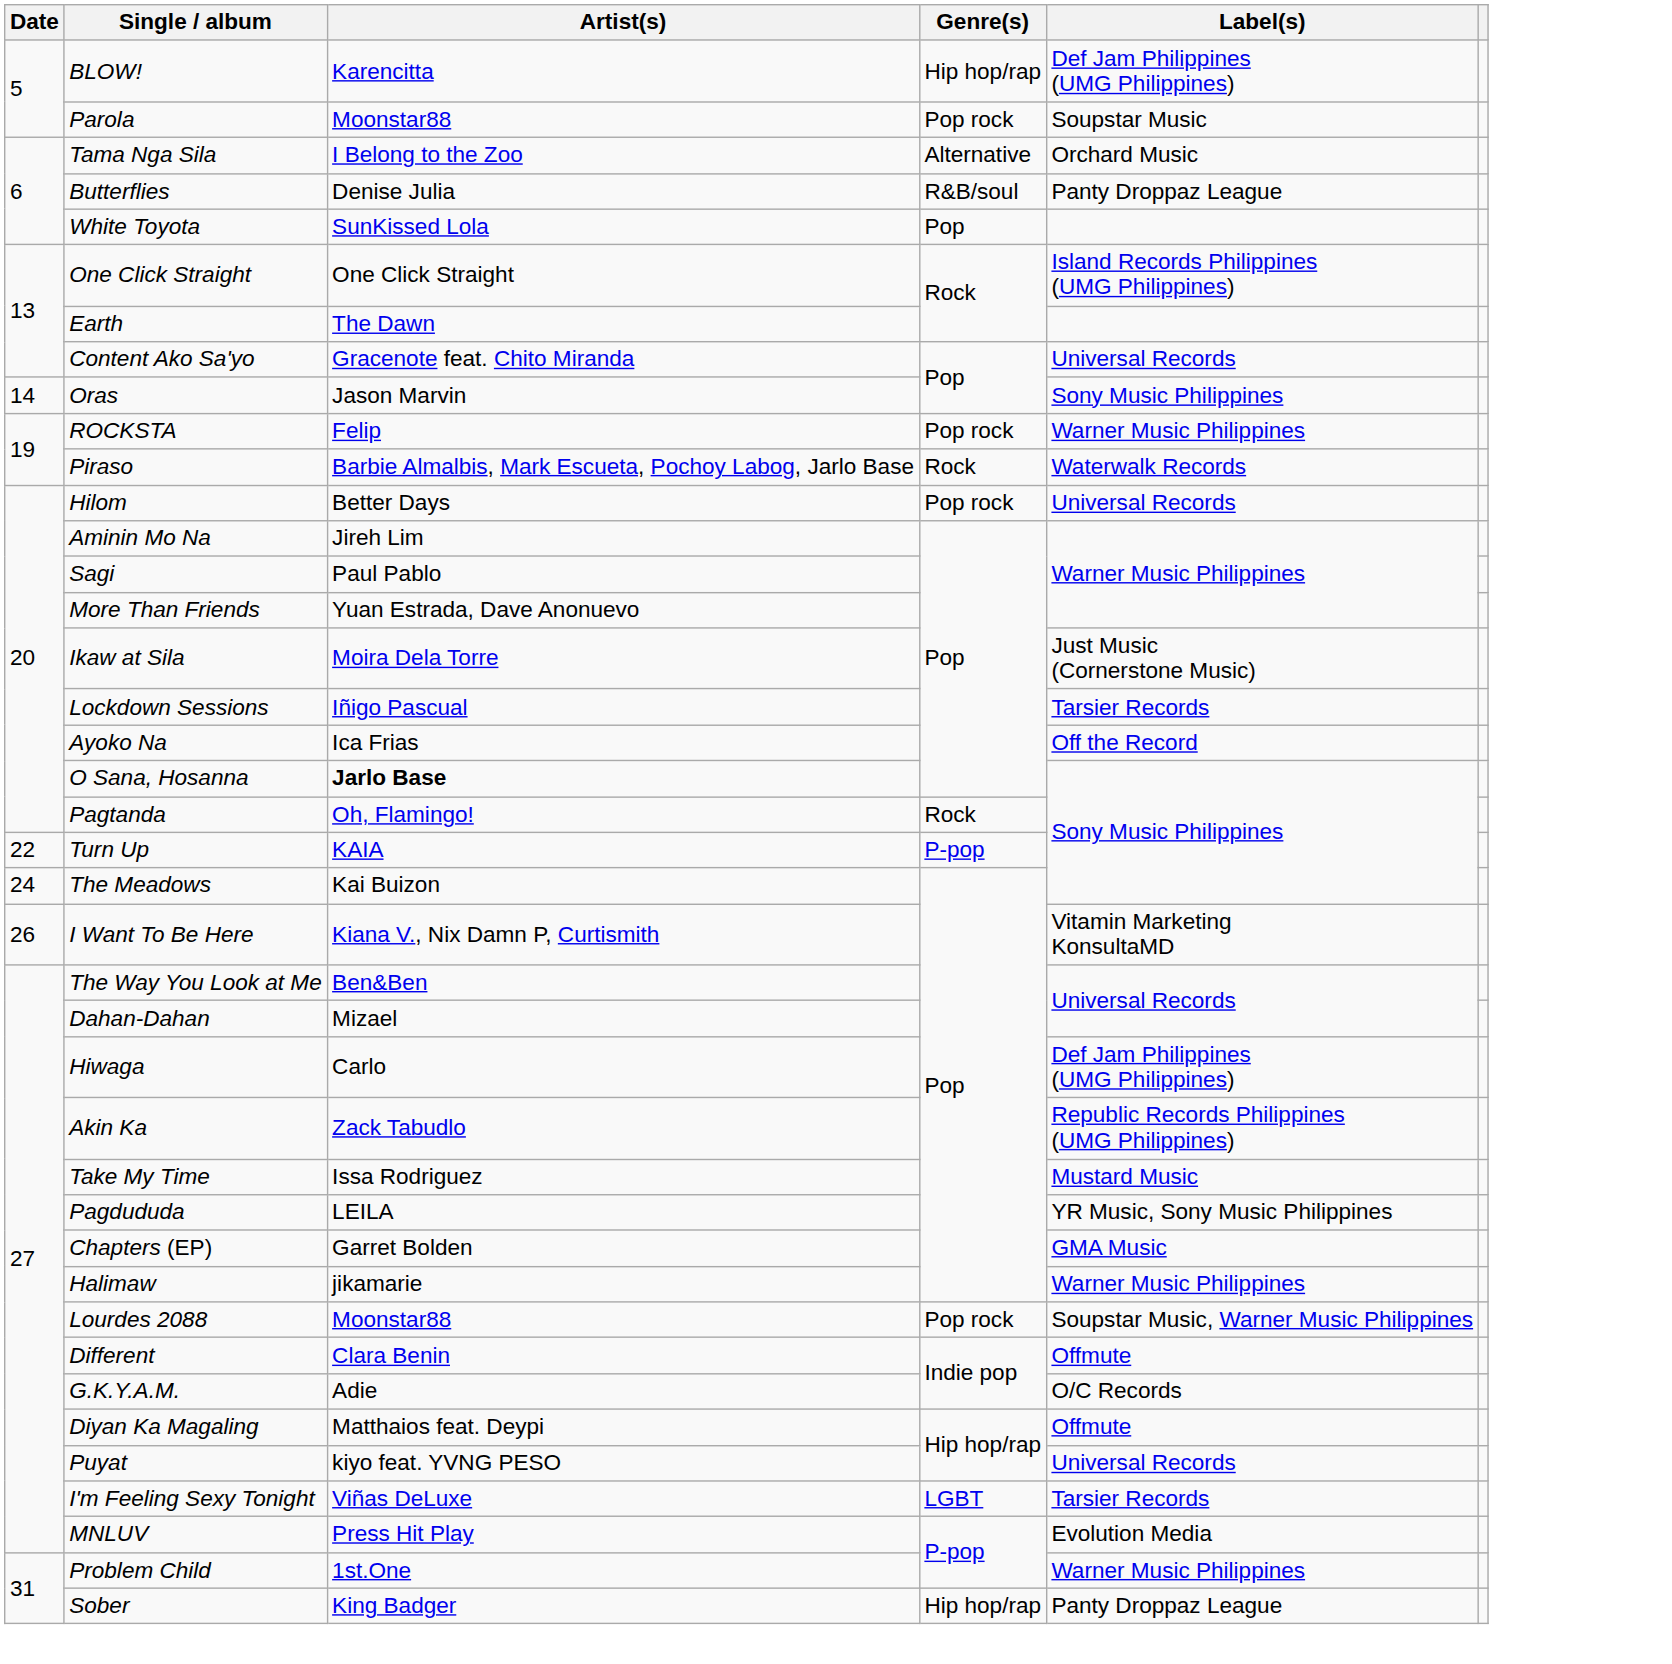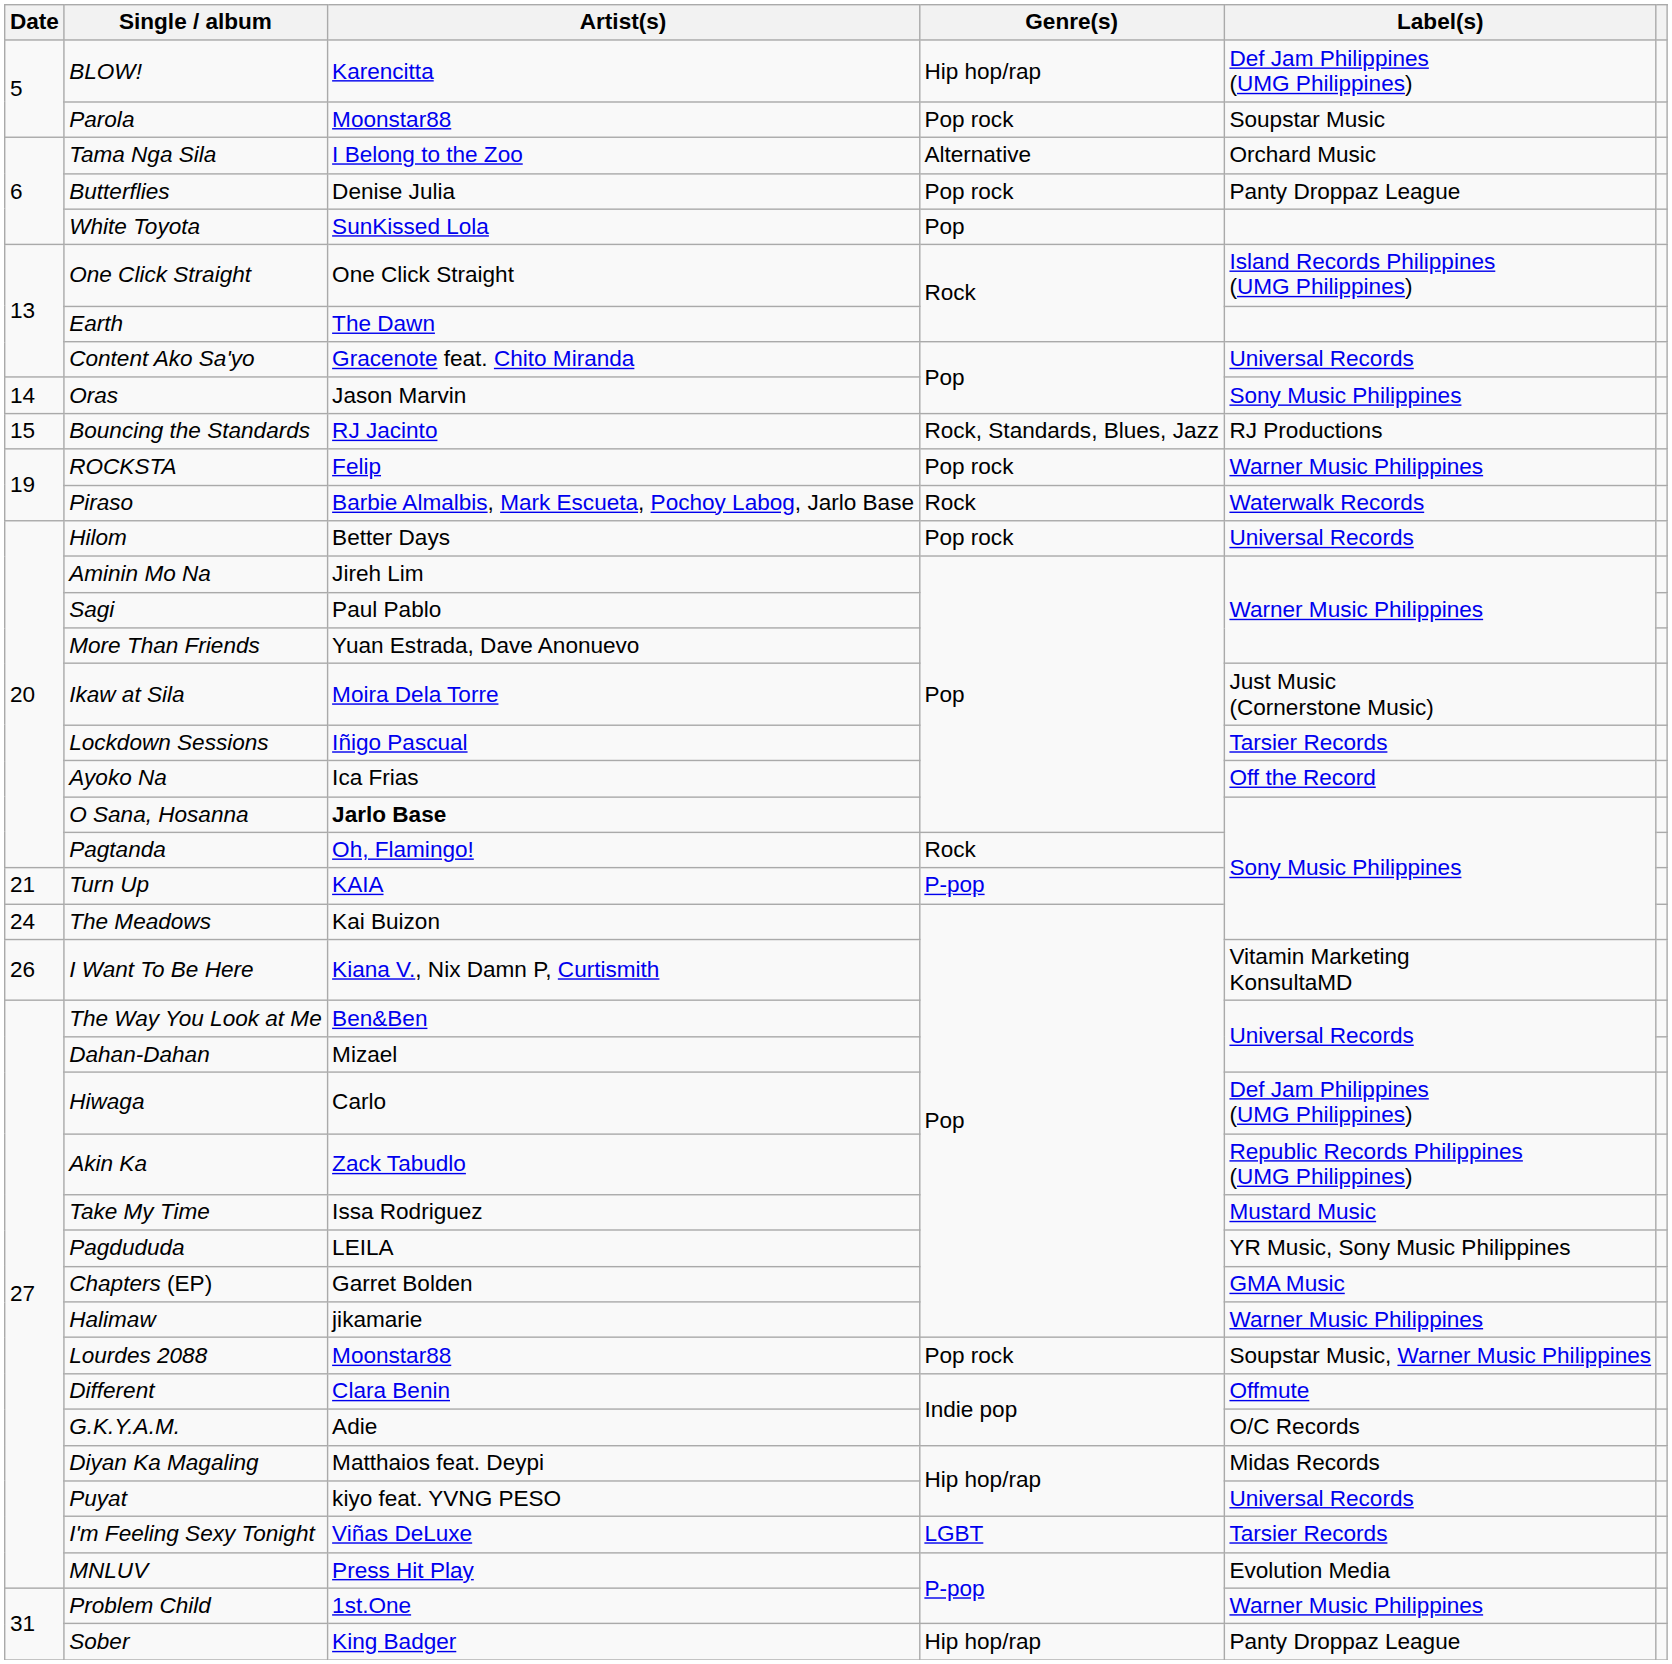 <table class="wikitable">
 <tr>
 <th>Date</th>
 <th>Single / album</th>
 <th>Artist(s)</th>
 <th>Genre(s)</th>
 <th>Label(s)</th>
 <th></th>
 </tr>
 <tr>
 <td rowspan="2">5</td>
 <td><em>BLOW!</em></td>
 <td><a href='#'>Karencitta</a></td>
 <td>Hip hop/rap</td>
 <td><a href='#'>Def Jam Philippines</a><br>(<a href='#'>UMG Philippines</a>)</td>
 <td></td>
 </tr>
 <tr>
 <td><em>Parola</em></td>
 <td><a href='#'>Moonstar88</a></td>
 <td>Pop rock</td>
 <td>Soupstar Music</td>
 <td></td>
 </tr>
 <tr>
 <td rowspan="3">6</td>
 <td><em>Tama Nga Sila</em></td>
 <td><a href='#'>I Belong to the Zoo</a></td>
 <td>Alternative</td>
 <td>Orchard Music</td>
 <td></td>
 </tr>
 <tr>
 <td><em>Butterflies</em></td>
 <td>Denise Julia</td>
-<td>R&B/soul</td>
+<td>Pop rock</td>
 <td>Panty Droppaz League</td>
 <td></td>
 </tr>
 <tr>
 <td><em>White Toyota</em></td>
 <td><a href='#'>SunKissed Lola</a></td>
 <td>Pop</td>
 <td></td>
 </tr>
 <tr>
 <td rowspan="3">13</td>
 <td><em>One Click Straight</em></td>
 <td>One Click Straight</td>
 <td rowspan="2">Rock</td>
 <td><a href='#'>Island Records Philippines</a><br>(<a href='#'>UMG Philippines</a>)</td>
 <td></td>
 </tr>
 <tr>
 <td><em>Earth</em></td>
 <td><a href='#'>The Dawn</a></td>
 <td></td>
 <td></td>
 </tr>
 <tr>
 <td><em>Content Ako Sa'yo</em></td>
 <td><a href='#'>Gracenote</a> feat. <a href='#'>Chito Miranda</a></td>
 <td rowspan="2">Pop</td>
 <td><a href='#'>Universal Records</a></td>
 <td></td>
 </tr>
 <tr>
 <td>14</td>
 <td><em>Oras</em></td>
 <td>Jason Marvin</td>
 <td><a href='#'>Sony Music Philippines</a></td>
+<td></td>
+</tr>
+<tr>
+<td>15</td>
+<td><em>Bouncing the Standards</em></td>
+<td><a href='#'>RJ Jacinto</a></td>
+<td>Rock, Standards, Blues, Jazz</td>
+<td>RJ Productions</td>
 <td></td>
 </tr>
 <tr>
 <td rowspan="2">19</td>
 <td><em>ROCKSTA</em></td>
 <td><a href='#'>Felip</a></td>
 <td>Pop rock</td>
 <td><a href='#'>Warner Music Philippines</a></td>
 <td></td>
 </tr>
 <tr>
 <td><em>Piraso</em></td>
 <td><a href='#'>Barbie Almalbis</a>, <a href='#'>Mark Escueta</a>, <a href='#'>Pochoy Labog</a>, Jarlo Base</td>
 <td>Rock</td>
 <td><a href='#'>Waterwalk Records</a></td>
 <td></td>
 </tr>
 <tr>
 <td rowspan="9">20</td>
 <td><em>Hilom</em></td>
 <td>Better Days</td>
 <td>Pop rock</td>
 <td><a href='#'>Universal Records</a></td>
 <td></td>
 </tr>
 <tr>
 <td><em>Aminin Mo Na</em></td>
 <td>Jireh Lim</td>
 <td rowspan="7">Pop</td>
 <td rowspan="3"><a href='#'>Warner Music Philippines</a></td>
 <td></td>
 </tr>
 <tr>
 <td><em>Sagi</em></td>
 <td>Paul Pablo</td>
 <td></td>
 </tr>
 <tr>
 <td><em>More Than Friends</em></td>
 <td>Yuan Estrada, Dave Anonuevo</td>
 <td></td>
 </tr>
 <tr>
 <td><em>Ikaw at Sila</em></td>
 <td><a href='#'>Moira Dela Torre</a></td>
 <td>Just Music<br>(Cornerstone Music)</td>
 <td></td>
 </tr>
 <tr>
 <td><em>Lockdown Sessions</em></td>
 <td><a href='#'>Iñigo Pascual</a></td>
 <td><a href='#'>Tarsier Records</a></td>
 <td></td>
 </tr>
 <tr>
 <td><em>Ayoko Na</em></td>
 <td>Ica Frias</td>
 <td><a href='#'>Off the Record</a></td>
 <td></td>
 </tr>
 <tr>
 <td><em>O Sana, Hosanna</em></td>
 <td><strong>Jarlo Base</strong></td>
 <td rowspan="4"><a href='#'>Sony Music Philippines</a></td>
 <td></td>
 </tr>
 <tr>
 <td><em>Pagtanda</em></td>
 <td><a href='#'>Oh, Flamingo!</a></td>
 <td>Rock</td>
 <td></td>
 </tr>
 <tr>
-<td>22</td>
+<td>21</td>
 <td><em>Turn Up</em></td>
 <td><a href='#'>KAIA</a></td>
 <td><a href='#'>P-pop</a></td>
 <td></td>
 </tr>
 <tr>
 <td>24</td>
 <td><em>The Meadows</em></td>
 <td>Kai Buizon</td>
 <td rowspan="10">Pop</td>
 <td></td>
 </tr>
 <tr>
 <td>26</td>
 <td><em>I Want To Be Here</em></td>
 <td><a href='#'>Kiana V.</a>, Nix Damn P, <a href='#'>Curtismith</a></td>
 <td>Vitamin Marketing<br>KonsultaMD</td>
 <td></td>
 </tr>
 <tr>
 <td rowspan="15">27</td>
 <td><em>The Way You Look at Me</em></td>
 <td><a href='#'>Ben&Ben</a></td>
 <td rowspan="2"><a href='#'>Universal Records</a></td>
 <td></td>
 </tr>
 <tr>
 <td><em>Dahan-Dahan</em></td>
 <td>Mizael</td>
 <td></td>
 </tr>
 <tr>
 <td><em>Hiwaga</em></td>
 <td>Carlo</td>
 <td><a href='#'>Def Jam Philippines</a><br>(<a href='#'>UMG Philippines</a>)</td>
 <td></td>
 </tr>
 <tr>
 <td><em>Akin Ka</em></td>
 <td><a href='#'>Zack Tabudlo</a></td>
 <td><a href='#'>Republic Records Philippines</a><br>(<a href='#'>UMG Philippines</a>)</td>
 <td></td>
 </tr>
 <tr>
 <td><em>Take My Time</em></td>
 <td>Issa Rodriguez</td>
 <td><a href='#'>Mustard Music</a></td>
 <td></td>
 </tr>
 <tr>
 <td><em>Pagdududa</em></td>
 <td>LEILA</td>
 <td>YR Music, Sony Music Philippines</td>
 <td></td>
 </tr>
 <tr>
 <td><em>Chapters</em> (EP)</td>
 <td>Garret Bolden</td>
 <td><a href='#'>GMA Music</a></td>
 <td></td>
 </tr>
 <tr>
 <td><em>Halimaw</em></td>
 <td>jikamarie</td>
 <td><a href='#'>Warner Music Philippines</a></td>
 <td></td>
 </tr>
 <tr>
 <td><em>Lourdes 2088</em></td>
 <td><a href='#'>Moonstar88</a></td>
 <td>Pop rock</td>
 <td>Soupstar Music, <a href='#'>Warner Music Philippines</a></td>
 <td></td>
 </tr>
 <tr>
 <td><em>Different</em></td>
 <td><a href='#'>Clara Benin</a></td>
 <td rowspan="2">Indie pop</td>
 <td><a href='#'>Offmute</a></td>
 <td></td>
 </tr>
 <tr>
 <td><em>G.K.Y.A.M.</em></td>
 <td>Adie</td>
 <td>O/C Records</td>
 <td></td>
 </tr>
 <tr>
 <td><em>Diyan Ka Magaling</em></td>
 <td>Matthaios feat. Deypi</td>
 <td rowspan="2">Hip hop/rap</td>
-<td><a href='#'>Offmute</a></td>
+<td>Midas Records</td>
 <td></td>
 </tr>
 <tr>
 <td><em>Puyat</em></td>
 <td>kiyo feat. YVNG PESO</td>
 <td><a href='#'>Universal Records</a></td>
 <td></td>
 </tr>
 <tr>
 <td><em>I'm Feeling Sexy Tonight</em></td>
 <td><a href='#'>Viñas DeLuxe</a></td>
 <td><a href='#'>LGBT</a></td>
 <td><a href='#'>Tarsier Records</a></td>
 <td></td>
 </tr>
 <tr>
 <td><em>MNLUV</em></td>
 <td><a href='#'>Press Hit Play</a></td>
 <td rowspan="2"><a href='#'>P-pop</a></td>
 <td>Evolution Media</td>
 <td></td>
 </tr>
 <tr>
 <td rowspan="2">31</td>
 <td><em>Problem Child</em></td>
 <td><a href='#'>1st.One</a></td>
 <td><a href='#'>Warner Music Philippines</a></td>
 <td></td>
 </tr>
 <tr>
 <td><em>Sober</em></td>
 <td><a href='#'>King Badger</a></td>
 <td>Hip hop/rap</td>
 <td>Panty Droppaz League</td>
 <td></td>
 </tr>
 </table>
